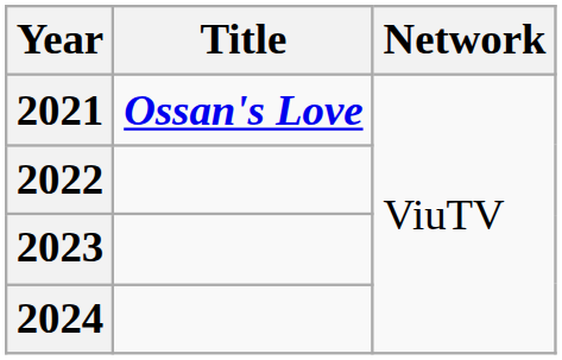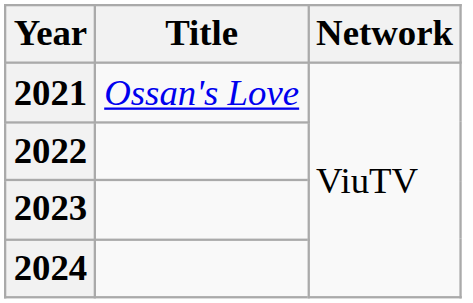 <table class="wikitable plainrowheaders">
 <tr>
 <th scope="col">Year</th>
 <th scope="col">Title</th>
 <th scope="col">Network</th>
 </tr>
 <tr>
 <th scope="row">2021</th>
-<td><strong><em><a href='#'>Ossan's Love</a></em></strong></td>
+<td><em><a href='#'>Ossan's Love</a></em></td>
 <td rowspan=4>ViuTV</td>
 </tr>
 <tr>
 <th scope="row">2022</th>
 <td></td>
 </tr>
 <tr>
 <th scope="row">2023</th>
 <td></td>
 </tr>
 <tr>
 <th scope="row">2024</th>
 <td></td>
 </tr>
 </table>
